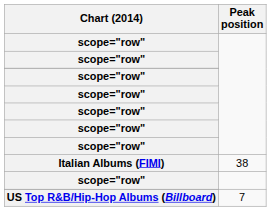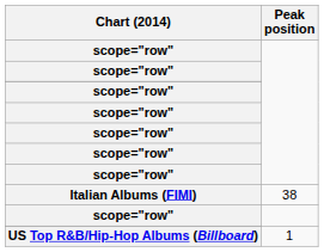 <table class="wikitable sortable plainrowheaders">
 <tr>
 <th scope="col">Chart (2014)</th>
 <th scope="col">Peak<br>position</th>
 </tr>
 <tr>
 <th>scope="row"</th>
 </tr>
 <tr>
 <th>scope="row"</th>
 </tr>
 <tr>
 </tr>
 <tr>
 <th>scope="row"</th>
 </tr>
 <tr>
 <th>scope="row"</th>
 </tr>
 <tr>
 <th>scope="row"</th>
 </tr>
 <tr>
 <th>scope="row"</th>
 </tr>
 <tr>
 <th>scope="row"</th>
 </tr>
 <tr>
 <th scope="row">Italian Albums (<a href='#'>FIMI</a>)</th>
 <td align="center">38</td>
 </tr>
 <tr>
 <th>scope="row"</th>
 </tr>
 <tr>
 </tr>
 <tr>
 </tr>
 <tr>
 </tr>
 <tr>
 <th scope="row">US <a href='#'>Top R&B/Hip-Hop Albums</a> (<a href='#'><em>Billboard</em></a>)</th>
-<td align="center">7</td>
+<td align="center">1</td>
 </tr>
 </table>
